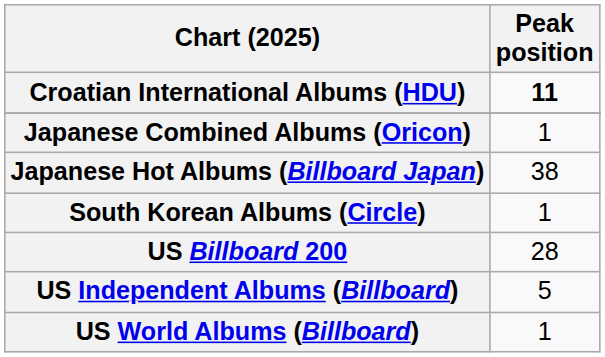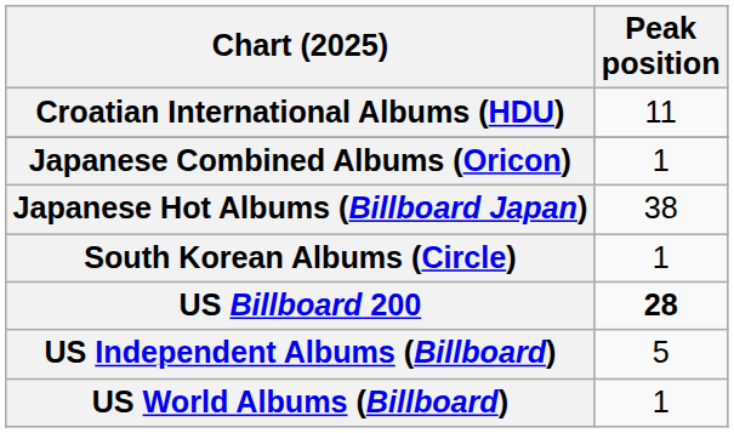 <table class="wikitable sortable plainrowheaders" style="text-align:center">
 <tr>
 <th scope="col">Chart (2025)</th>
 <th scope="col">Peak<br>position</th>
 </tr>
 <tr>
 <th scope="row">Croatian International Albums (<a href='#'>HDU</a>)</th>
-<td><strong>11</strong></td>
+<td>11</td>
 </tr>
 <tr>
 </tr>
 <tr>
 <th scope="row">Japanese Combined Albums (<a href='#'>Oricon</a>)</th>
 <td>1</td>
 </tr>
 <tr>
 <th scope="row">Japanese Hot Albums (<em><a href='#'>Billboard Japan</a></em>)</th>
 <td>38</td>
 </tr>
 <tr>
 <th scope="row">South Korean Albums (<a href='#'>Circle</a>)</th>
 <td>1</td>
 </tr>
 <tr>
 <th scope="row">US <a href='#'><em>Billboard</em> 200</a></th>
-<td>28</td>
+<td><strong>28</strong></td>
 </tr>
 <tr>
 <th scope="row">US <a href='#'>Independent Albums</a> (<em><a href='#'>Billboard</a></em>)</th>
 <td>5</td>
 </tr>
 <tr>
 <th scope="row">US <a href='#'>World Albums</a> (<em><a href='#'>Billboard</a></em>)</th>
 <td>1</td>
 </tr>
 </table>
